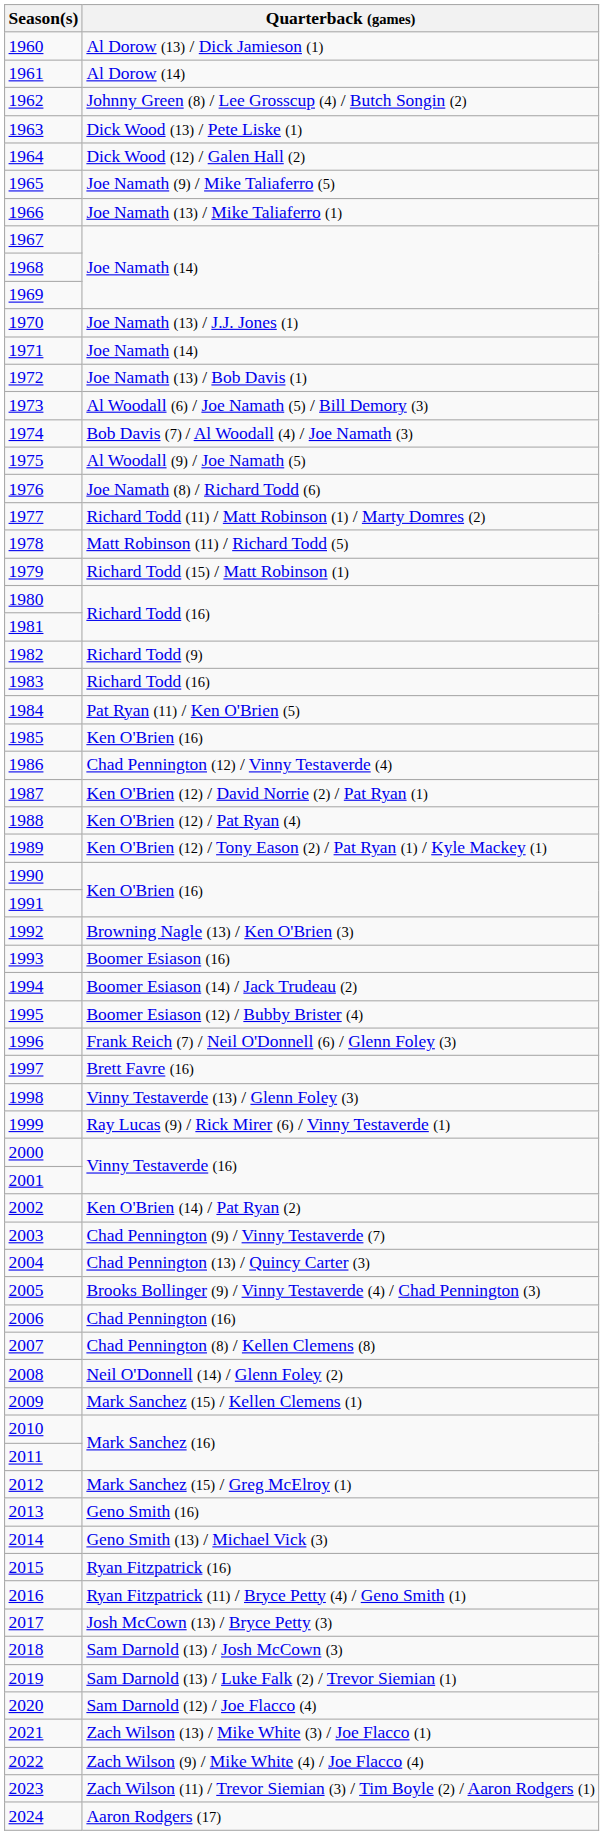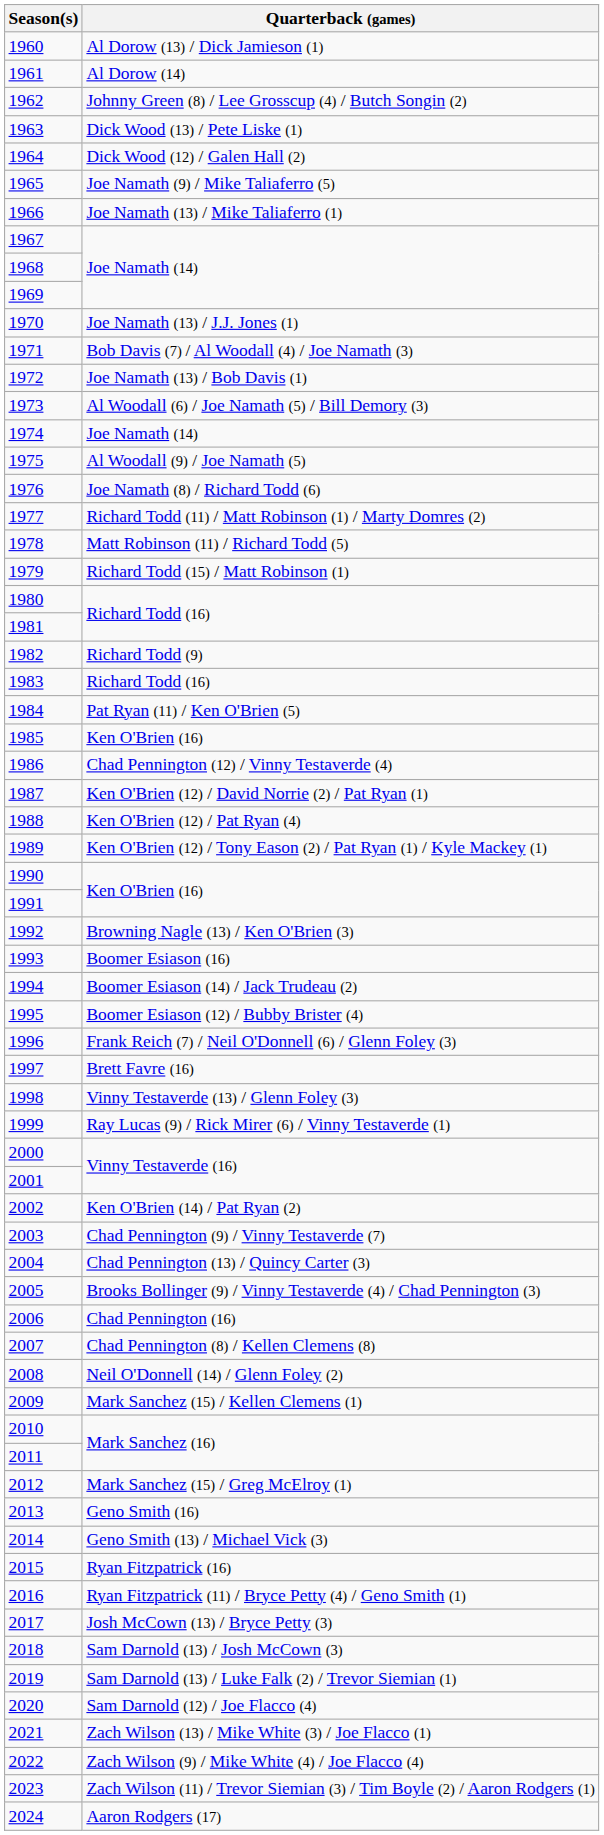 <table class="wikitable">
 <tr>
 <th>Season(s)</th>
 <th>Quarterback <small>(games)</small></th>
 </tr>
 <tr>
 <td><a href='#'>1960</a></td>
 <td><a href='#'>Al Dorow</a> <small>(13)</small> / <a href='#'>Dick Jamieson</a> <small>(1)</small></td>
 </tr>
 <tr>
 <td><a href='#'>1961</a></td>
 <td><a href='#'>Al Dorow</a> <small>(14)</small></td>
 </tr>
 <tr>
 <td><a href='#'>1962</a></td>
 <td><a href='#'>Johnny Green</a> <small>(8)</small> / <a href='#'>Lee Grosscup</a> <small>(4)</small> / <a href='#'>Butch Songin</a> <small>(2)</small></td>
 </tr>
 <tr>
 <td><a href='#'>1963</a></td>
 <td><a href='#'>Dick Wood</a> <small>(13)</small> / <a href='#'>Pete Liske</a> <small>(1)</small></td>
 </tr>
 <tr>
 <td><a href='#'>1964</a></td>
 <td><a href='#'>Dick Wood</a> <small>(12)</small> / <a href='#'>Galen Hall</a> <small>(2)</small></td>
 </tr>
 <tr>
 <td><a href='#'>1965</a></td>
 <td><a href='#'>Joe Namath</a> <small>(9)</small> / <a href='#'>Mike Taliaferro</a> <small>(5)</small></td>
 </tr>
 <tr>
 <td><a href='#'>1966</a></td>
 <td><a href='#'>Joe Namath</a> <small>(13)</small> / <a href='#'>Mike Taliaferro</a> <small>(1)</small></td>
 </tr>
 <tr>
 <td><a href='#'>1967</a></td>
 <td rowspan="3"><a href='#'>Joe Namath</a> <small>(14)</small></td>
 </tr>
 <tr>
 <td><a href='#'>1968</a></td>
 </tr>
 <tr>
 <td><a href='#'>1969</a></td>
 </tr>
 <tr>
 <td><a href='#'>1970</a></td>
 <td><a href='#'>Joe Namath</a> <small>(13)</small> / <a href='#'>J.J. Jones</a> <small>(1)</small></td>
 </tr>
 <tr>
 <td><a href='#'>1971</a></td>
-<td><a href='#'>Joe Namath</a> <small>(14)</small></td>
+<td><a href='#'>Bob Davis</a> <small>(7) </small> / <a href='#'>Al Woodall</a> <small>(4)</small> / <a href='#'>Joe Namath</a> <small>(3)</small></td>
 </tr>
 <tr>
 <td><a href='#'>1972</a></td>
 <td><a href='#'>Joe Namath</a> <small>(13)</small> / <a href='#'>Bob Davis</a> <small>(1)</small></td>
 </tr>
 <tr>
 <td><a href='#'>1973</a></td>
 <td><a href='#'>Al Woodall</a> <small>(6)</small> / <a href='#'>Joe Namath</a> <small>(5)</small> / <a href='#'>Bill Demory</a> <small>(3)</small></td>
 </tr>
 <tr>
 <td><a href='#'>1974</a></td>
-<td><a href='#'>Bob Davis</a> <small>(7) </small> / <a href='#'>Al Woodall</a> <small>(4)</small> / <a href='#'>Joe Namath</a> <small>(3)</small></td>
+<td><a href='#'>Joe Namath</a> <small>(14)</small></td>
 </tr>
 <tr>
 <td><a href='#'>1975</a></td>
 <td><a href='#'>Al Woodall</a> <small>(9)</small> / <a href='#'>Joe Namath</a> <small>(5)</small></td>
 </tr>
 <tr>
 <td><a href='#'>1976</a></td>
 <td><a href='#'>Joe Namath</a> <small>(8)</small> / <a href='#'>Richard Todd</a> <small>(6)</small></td>
 </tr>
 <tr>
 <td><a href='#'>1977</a></td>
 <td><a href='#'>Richard Todd</a> <small>(11)</small> / <a href='#'>Matt Robinson</a> <small>(1)</small> / <a href='#'>Marty Domres</a> <small>(2)</small></td>
 </tr>
 <tr>
 <td><a href='#'>1978</a></td>
 <td><a href='#'>Matt Robinson</a> <small>(11)</small> / <a href='#'>Richard Todd</a> <small>(5)</small></td>
 </tr>
 <tr>
 <td><a href='#'>1979</a></td>
 <td><a href='#'>Richard Todd</a> <small>(15)</small> / <a href='#'>Matt Robinson</a> <small>(1)</small></td>
 </tr>
 <tr>
 <td><a href='#'>1980</a></td>
 <td rowspan="2"><a href='#'>Richard Todd</a> <small>(16)</small></td>
 </tr>
 <tr>
 <td><a href='#'>1981</a></td>
 </tr>
 <tr>
 <td><a href='#'>1982</a></td>
 <td><a href='#'>Richard Todd</a> <small>(9)</small></td>
 </tr>
 <tr>
 <td><a href='#'>1983</a></td>
 <td><a href='#'>Richard Todd</a> <small>(16)</small></td>
 </tr>
 <tr>
 <td><a href='#'>1984</a></td>
 <td><a href='#'>Pat Ryan</a> <small>(11)</small> / <a href='#'>Ken O'Brien</a> <small>(5)</small></td>
 </tr>
 <tr>
 <td><a href='#'>1985</a></td>
 <td><a href='#'>Ken O'Brien</a> <small>(16)</small></td>
 </tr>
 <tr>
 <td><a href='#'>1986</a></td>
 <td><a href='#'>Chad Pennington</a> <small>(12)</small> / <a href='#'>Vinny Testaverde</a> <small>(4)</small></td>
 </tr>
 <tr>
 <td><a href='#'>1987</a></td>
 <td><a href='#'>Ken O'Brien</a> <small>(12)</small> / <a href='#'>David Norrie</a> <small>(2)</small> / <a href='#'>Pat Ryan</a> <small>(1)</small></td>
 </tr>
 <tr>
 <td><a href='#'>1988</a></td>
 <td><a href='#'>Ken O'Brien</a> <small>(12)</small> / <a href='#'>Pat Ryan</a> <small>(4)</small></td>
 </tr>
 <tr>
 <td><a href='#'>1989</a></td>
 <td><a href='#'>Ken O'Brien</a> <small>(12)</small> / <a href='#'>Tony Eason</a> <small>(2)</small> / <a href='#'>Pat Ryan</a> <small>(1)</small> / <a href='#'>Kyle Mackey</a> <small>(1)</small></td>
 </tr>
 <tr>
 <td><a href='#'>1990</a></td>
 <td rowspan="2"><a href='#'>Ken O'Brien</a> <small>(16)</small></td>
 </tr>
 <tr>
 <td><a href='#'>1991</a></td>
 </tr>
 <tr>
 <td><a href='#'>1992</a></td>
 <td><a href='#'>Browning Nagle</a> <small>(13)</small> / <a href='#'>Ken O'Brien</a> <small>(3)</small></td>
 </tr>
 <tr>
 <td><a href='#'>1993</a></td>
 <td><a href='#'>Boomer Esiason</a> <small>(16)</small></td>
 </tr>
 <tr>
 <td><a href='#'>1994</a></td>
 <td><a href='#'>Boomer Esiason</a> <small>(14)</small> / <a href='#'>Jack Trudeau</a> <small>(2)</small></td>
 </tr>
 <tr>
 <td><a href='#'>1995</a></td>
 <td><a href='#'>Boomer Esiason</a> <small>(12)</small> / <a href='#'>Bubby Brister</a> <small>(4)</small></td>
 </tr>
 <tr>
 <td><a href='#'>1996</a></td>
 <td><a href='#'>Frank Reich</a> <small>(7)</small> / <a href='#'>Neil O'Donnell</a> <small>(6)</small> / <a href='#'>Glenn Foley</a> <small>(3)</small></td>
 </tr>
 <tr>
 <td><a href='#'>1997</a></td>
 <td><a href='#'>Brett Favre</a> <small>(16)</small></td>
 </tr>
 <tr>
 <td><a href='#'>1998</a></td>
 <td><a href='#'>Vinny Testaverde</a> <small>(13)</small> / <a href='#'>Glenn Foley</a> <small>(3)</small></td>
 </tr>
 <tr>
 <td><a href='#'>1999</a></td>
 <td><a href='#'>Ray Lucas</a> <small>(9)</small> / <a href='#'>Rick Mirer</a> <small>(6)</small> / <a href='#'>Vinny Testaverde</a> <small>(1)</small></td>
 </tr>
 <tr>
 <td><a href='#'>2000</a></td>
 <td rowspan="2"><a href='#'>Vinny Testaverde</a> <small>(16)</small></td>
 </tr>
 <tr>
 <td><a href='#'>2001</a></td>
 </tr>
 <tr>
 <td><a href='#'>2002</a></td>
 <td><a href='#'>Ken O'Brien</a> <small>(14)</small> / <a href='#'>Pat Ryan</a> <small>(2)</small></td>
 </tr>
 <tr>
 <td><a href='#'>2003</a></td>
 <td><a href='#'>Chad Pennington</a> <small>(9)</small> / <a href='#'>Vinny Testaverde</a> <small>(7)</small></td>
 </tr>
 <tr>
 <td><a href='#'>2004</a></td>
 <td><a href='#'>Chad Pennington</a> <small>(13)</small> / <a href='#'>Quincy Carter</a> <small>(3)</small></td>
 </tr>
 <tr>
 <td><a href='#'>2005</a></td>
 <td><a href='#'>Brooks Bollinger</a> <small>(9)</small> / <a href='#'>Vinny Testaverde</a> <small>(4)</small> / <a href='#'>Chad Pennington</a> <small>(3)</small></td>
 </tr>
 <tr>
 <td><a href='#'>2006</a></td>
 <td><a href='#'>Chad Pennington</a> <small>(16)</small></td>
 </tr>
 <tr>
 <td><a href='#'>2007</a></td>
 <td><a href='#'>Chad Pennington</a> <small>(8)</small> / <a href='#'>Kellen Clemens</a> <small>(8)</small></td>
 </tr>
 <tr>
 <td><a href='#'>2008</a></td>
 <td><a href='#'>Neil O'Donnell</a> <small>(14)</small> / <a href='#'>Glenn Foley</a> <small>(2)</small></td>
 </tr>
 <tr>
 <td><a href='#'>2009</a></td>
 <td><a href='#'>Mark Sanchez</a> <small>(15)</small> / <a href='#'>Kellen Clemens</a> <small>(1)</small></td>
 </tr>
 <tr>
 <td><a href='#'>2010</a></td>
 <td rowspan="2"><a href='#'>Mark Sanchez</a> <small>(16)</small></td>
 </tr>
 <tr>
 <td><a href='#'>2011</a></td>
 </tr>
 <tr>
 <td><a href='#'>2012</a></td>
 <td><a href='#'>Mark Sanchez</a> <small>(15)</small> / <a href='#'>Greg McElroy</a> <small>(1)</small></td>
 </tr>
 <tr>
 <td><a href='#'>2013</a></td>
 <td><a href='#'>Geno Smith</a> <small>(16)</small></td>
 </tr>
 <tr>
 <td><a href='#'>2014</a></td>
 <td><a href='#'>Geno Smith</a> <small>(13)</small> / <a href='#'>Michael Vick</a> <small>(3)</small></td>
 </tr>
 <tr>
 <td><a href='#'>2015</a></td>
 <td><a href='#'>Ryan Fitzpatrick</a> <small>(16)</small></td>
 </tr>
 <tr>
 <td><a href='#'>2016</a></td>
 <td><a href='#'>Ryan Fitzpatrick</a> <small>(11)</small> / <a href='#'>Bryce Petty</a> <small>(4)</small> / <a href='#'>Geno Smith</a> <small>(1)</small></td>
 </tr>
 <tr>
 <td><a href='#'>2017</a></td>
 <td><a href='#'>Josh McCown</a> <small>(13)</small> / <a href='#'>Bryce Petty</a> <small>(3)</small></td>
 </tr>
 <tr>
 <td><a href='#'>2018</a></td>
 <td><a href='#'>Sam Darnold</a> <small>(13)</small> / <a href='#'>Josh McCown</a> <small>(3)</small></td>
 </tr>
 <tr>
 <td><a href='#'>2019</a></td>
 <td><a href='#'>Sam Darnold</a> <small>(13)</small> / <a href='#'>Luke Falk</a> <small>(2)</small> / <a href='#'>Trevor Siemian</a> <small>(1)</small></td>
 </tr>
 <tr>
 <td><a href='#'>2020</a></td>
 <td><a href='#'>Sam Darnold</a> <small>(12)</small> / <a href='#'>Joe Flacco</a> <small>(4)</small></td>
 </tr>
 <tr>
 <td><a href='#'>2021</a></td>
 <td><a href='#'>Zach Wilson</a> <small>(13)</small> / <a href='#'>Mike White</a> <small>(3)</small> / <a href='#'>Joe Flacco</a> <small>(1)</small></td>
 </tr>
 <tr>
 <td><a href='#'>2022</a></td>
 <td><a href='#'>Zach Wilson</a> <small>(9)</small> / <a href='#'>Mike White</a> <small>(4)</small> / <a href='#'>Joe Flacco</a> <small>(4)</small></td>
 </tr>
 <tr>
 <td><a href='#'>2023</a></td>
 <td><a href='#'>Zach Wilson</a> <small>(11)</small> / <a href='#'>Trevor Siemian</a> <small>(3)</small> /  <a href='#'>Tim Boyle</a> <small>(2)</small> / <a href='#'>Aaron Rodgers</a> <small>(1)</small></td>
 </tr>
 <tr>
 <td><a href='#'>2024</a></td>
 <td><a href='#'>Aaron Rodgers</a> <small>(17)</small></td>
 </tr>
 </table>
